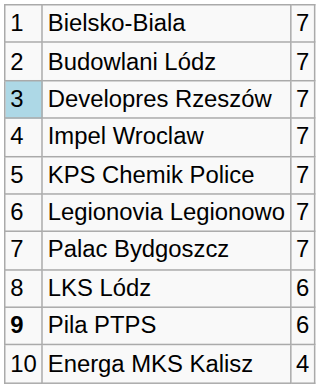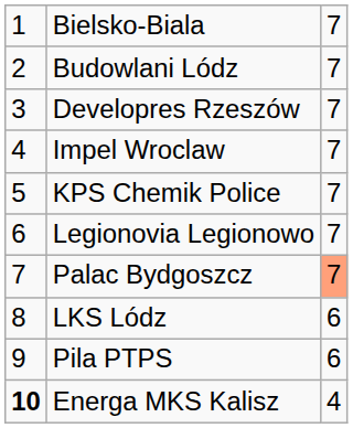 <table class="wikitable">
 <tr>
 <td>1</td>
 <td>Bielsko-Biala</td>
 <td>7</td>
 </tr>
 <tr>
 <td>2</td>
 <td>Budowlani Lódz</td>
 <td>7</td>
 </tr>
 <tr>
-<td style="background: lightblue;">3</td>
+<td>3</td>
 <td>Developres Rzeszów</td>
 <td>7</td>
 </tr>
 <tr>
 <td>4</td>
 <td>Impel Wroclaw</td>
 <td>7</td>
 </tr>
 <tr>
 <td>5</td>
 <td>KPS Chemik Police</td>
 <td>7</td>
 </tr>
 <tr>
 <td>6</td>
 <td>Legionovia Legionowo</td>
 <td>7</td>
 </tr>
 <tr>
 <td>7</td>
 <td>Palac Bydgoszcz</td>
-<td>7</td>
+<td style="background: lightsalmon;">7</td>
 </tr>
 <tr>
 <td>8</td>
 <td>LKS Lódz</td>
 <td>6</td>
 </tr>
 <tr>
-<td><strong>9</strong></td>
+<td>9</td>
 <td>Pila PTPS</td>
 <td>6</td>
 </tr>
 <tr>
-<td>10</td>
+<td><strong>10</strong></td>
 <td>Energa MKS Kalisz</td>
 <td>4</td>
 </tr>
 </table>
